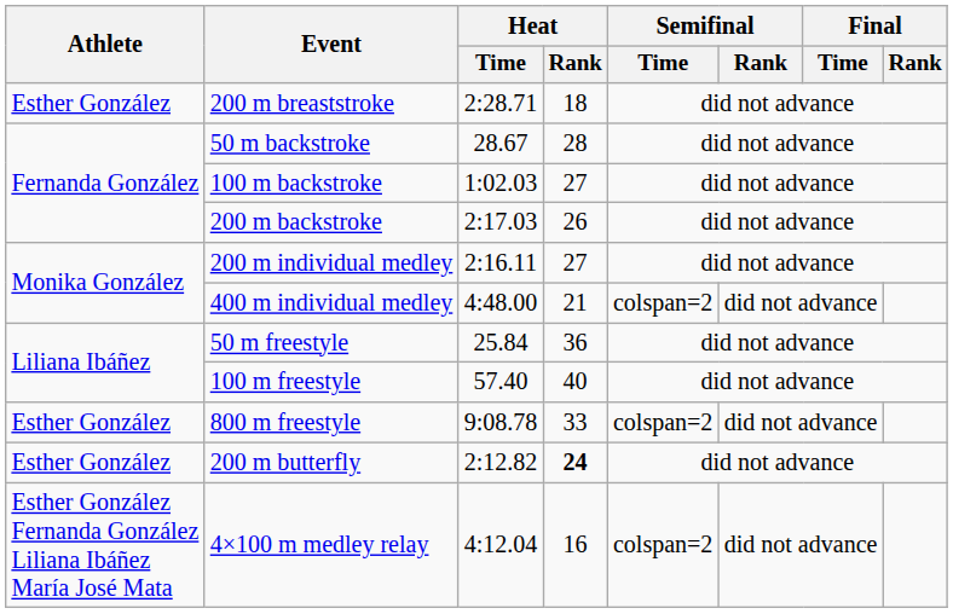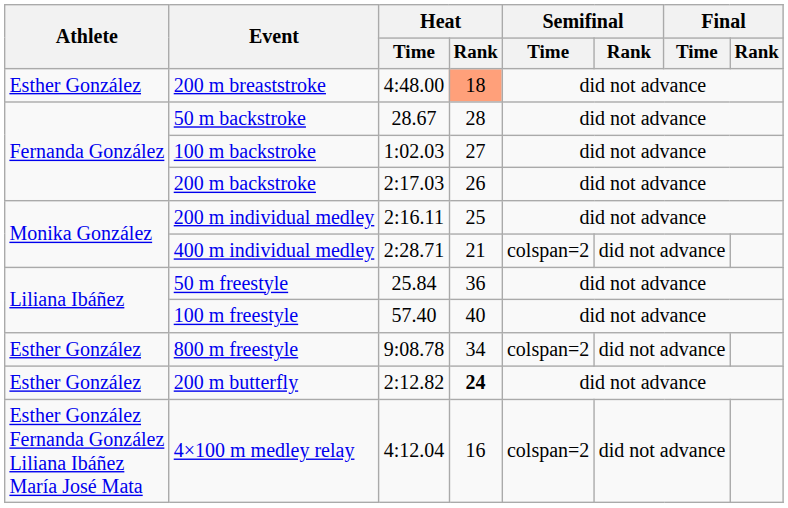 <table class=wikitable style="font-size:90%">
 <tr>
 <th rowspan="2">Athlete</th>
 <th rowspan="2">Event</th>
 <th colspan="2">Heat</th>
 <th colspan="2">Semifinal</th>
 <th colspan="2">Final</th>
 </tr>
 <tr style="font-size:95%">
 <th>Time</th>
 <th>Rank</th>
 <th>Time</th>
 <th>Rank</th>
 <th>Time</th>
 <th>Rank</th>
 </tr>
 <tr align=center>
 <td align=left><a href='#'>Esther González</a></td>
 <td align=left><a href='#'>200 m breaststroke</a></td>
-<td>2:28.71</td>
-<td>18</td>
+<td>4:48.00</td>
+<td style="background: lightsalmon;">18</td>
 <td colspan=4>did not advance</td>
 </tr>
 <tr align=center>
 <td align=left rowspan=3><a href='#'>Fernanda González</a></td>
 <td align=left><a href='#'>50 m backstroke</a></td>
 <td>28.67</td>
 <td>28</td>
 <td colspan=4>did not advance</td>
 </tr>
 <tr align=center>
 <td align=left><a href='#'>100 m backstroke</a></td>
 <td>1:02.03</td>
 <td>27</td>
 <td colspan=4>did not advance</td>
 </tr>
 <tr align=center>
 <td align=left><a href='#'>200 m backstroke</a></td>
 <td>2:17.03</td>
 <td>26</td>
 <td colspan=4>did not advance</td>
 </tr>
 <tr align=center>
 <td align=left rowspan=2><a href='#'>Monika González</a></td>
 <td align=left><a href='#'>200 m individual medley</a></td>
 <td>2:16.11</td>
-<td>27</td>
+<td>25</td>
 <td colspan=4>did not advance</td>
 </tr>
 <tr align=center>
 <td align=left><a href='#'>400 m individual medley</a></td>
-<td>4:48.00</td>
+<td>2:28.71</td>
 <td>21</td>
 <td>colspan=2 </td>
 <td colspan=2>did not advance</td>
 </tr>
 <tr align=center>
 <td align=left rowspan=2><a href='#'>Liliana Ibáñez</a></td>
 <td align=left><a href='#'>50 m freestyle</a></td>
 <td>25.84</td>
 <td>36</td>
 <td colspan=4>did not advance</td>
 </tr>
 <tr align=center>
 <td align=left><a href='#'>100 m freestyle</a></td>
 <td>57.40</td>
 <td>40</td>
 <td colspan=4>did not advance</td>
 </tr>
 <tr align=center>
 <td align=left><a href='#'>Esther González</a></td>
 <td align=left><a href='#'>800 m freestyle</a></td>
 <td>9:08.78</td>
-<td>33</td>
+<td>34</td>
 <td>colspan=2 </td>
 <td colspan=2>did not advance</td>
 </tr>
 <tr align=center>
 <td align=left><a href='#'>Esther González</a></td>
 <td align=left><a href='#'>200 m butterfly</a></td>
 <td>2:12.82</td>
 <td><strong>24</strong></td>
 <td colspan=4>did not advance</td>
 </tr>
 <tr align=center>
 <td align=left><a href='#'>Esther González</a><br><a href='#'>Fernanda González</a><br><a href='#'>Liliana Ibáñez</a><br><a href='#'>María José Mata</a></td>
 <td align=left><a href='#'>4×100 m medley relay</a></td>
 <td>4:12.04</td>
 <td>16</td>
 <td>colspan=2 </td>
 <td colspan=2>did not advance</td>
 </tr>
 </table>
